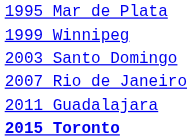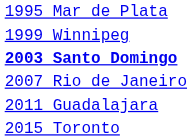 <table>
 <tr>
 <td><a href='#'>1995 Mar de Plata</a></td>
 <td></td>
 <td></td>
 <td></td>
 </tr>
 <tr>
 <td><a href='#'>1999 Winnipeg</a></td>
 <td></td>
 <td></td>
 <td></td>
 </tr>
 <tr>
-<td><a href='#'>2003 Santo Domingo</a></td>
+<td><strong><a href='#'>2003 Santo Domingo</a></strong></td>
 <td></td>
 <td></td>
 <td></td>
 </tr>
 <tr>
 <td><a href='#'>2007 Rio de Janeiro</a></td>
 <td></td>
 <td></td>
 <td></td>
 </tr>
 <tr>
 <td><a href='#'>2011 Guadalajara</a></td>
 <td></td>
 <td></td>
 <td></td>
 </tr>
 <tr>
-<td><strong><a href='#'>2015 Toronto</a><br></strong></td>
+<td><a href='#'>2015 Toronto</a><br></td>
 <td></td>
 <td></td>
 <td></td>
 </tr>
 </table>
